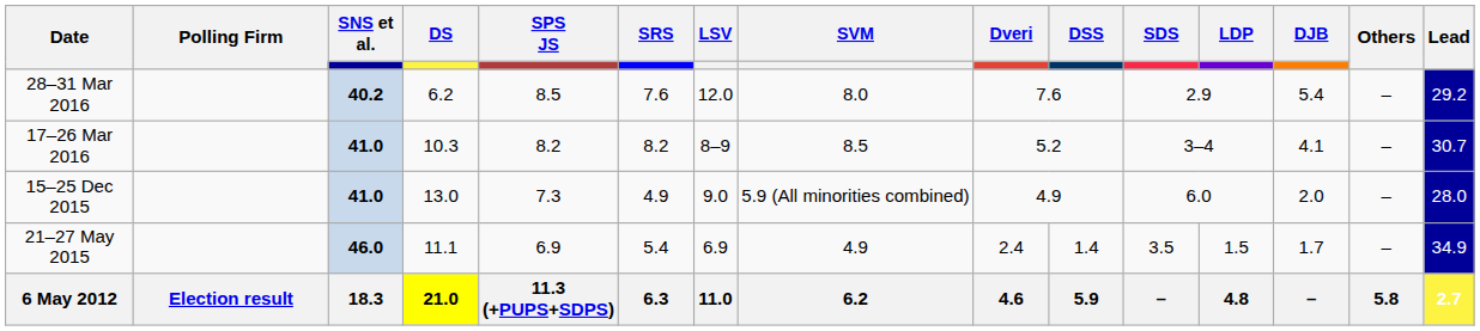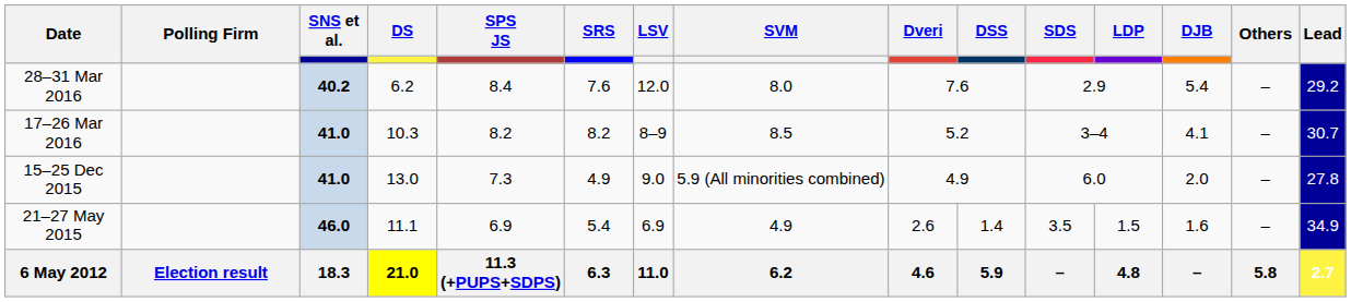 <table class="wikitable" style="text-align:center; font-size:85%; line-height:16px; margin-bottom:0">
 <tr style="height:42px; background:#e9e9e9;">
 <th rowspan="2" style="width:90px;">Date</th>
 <th rowspan="2" style="width:140px;">Polling Firm</th>
 <th style="font-size:95%"><a href='#'>SNS</a> et al.</th>
 <th style="font-size:95%"><a href='#'>DS</a></th>
 <th style="font-size:95%"><a href='#'>SPS</a><br><a href='#'>JS</a></th>
 <th style="font-size:95%"><a href='#'>SRS</a></th>
 <th style="font-size:95%"><a href='#'>LSV</a></th>
 <th style="font-size:95%"><a href='#'>SVM</a></th>
 <th style="font-size:95%"><a href='#'>Dveri</a></th>
 <th style="font-size:95%"><a href='#'>DSS</a></th>
 <th style="font-size:95%"><a href='#'>SDS</a></th>
 <th style="font-size:95%"><a href='#'>LDP</a></th>
 <th style="font-size:95%"><a href='#'>DJB</a></th>
 <th rowspan="2" style="width:50px;">Others</th>
 <th rowspan="2" style="width:30px;">Lead</th>
 </tr>
 <tr>
 <th style="background:#000099; width:50px;"></th>
 <th style="background:#FCF342; width:50px;"></th>
 <th style="background:#B03B3B; width:50px;"></th>
 <th style="background:#0000FF; width:50px;"></th>
 <th style="background:"></th>
 <th style="background:"></th>
 <th style="background:#E34234; width:50px;"></th>
 <th style="background:#003366; width:50px;"></th>
 <th style="background:#FC2847; width:50px;"></th>
 <th style="background:#6901D4; width:50px;"></th>
 <th style="background:#FF7E00; width:50px;"></th>
 </tr>
 <tr>
 <td>28–31 Mar 2016</td>
 <td></td>
 <td style="background:#C8D9EC"><strong>40.2</strong></td>
 <td>6.2</td>
-<td>8.5</td>
+<td>8.4</td>
 <td>7.6</td>
 <td>12.0</td>
 <td>8.0</td>
 <td colspan="2">7.6</td>
 <td colspan="2">2.9</td>
 <td>5.4</td>
 <td>–</td>
 <td style="background:#000099; color:white;">29.2</td>
 </tr>
 <tr>
 <td>17–26 Mar 2016</td>
 <td> </td>
 <td style="background:#C8D9EC"><strong>41.0</strong></td>
 <td>10.3</td>
 <td>8.2</td>
 <td>8.2</td>
 <td>8–9</td>
 <td>8.5</td>
 <td colspan="2">5.2</td>
 <td colspan="2">3–4</td>
 <td>4.1</td>
 <td>–</td>
 <td style="background:#000099; color:white;">30.7</td>
 </tr>
 <tr>
 <td>15–25 Dec 2015</td>
 <td></td>
 <td style="background:#C8D9EC"><strong>41.0</strong></td>
 <td>13.0</td>
 <td>7.3</td>
 <td>4.9</td>
 <td>9.0</td>
 <td>5.9 (All minorities combined)</td>
 <td colspan="2">4.9</td>
 <td colspan="2">6.0</td>
 <td>2.0</td>
 <td>–</td>
-<td style="background:#000099; color:white;">28.0</td>
+<td style="background:#000099; color:white;">27.8</td>
 </tr>
 <tr>
 <td>21–27 May 2015</td>
 <td> </td>
 <td style="background:#C8D9EC"><strong>46.0</strong></td>
 <td>11.1</td>
 <td>6.9</td>
 <td>5.4</td>
 <td>6.9</td>
 <td>4.9</td>
-<td>2.4</td>
+<td>2.6</td>
 <td>1.4</td>
 <td>3.5</td>
 <td>1.5</td>
-<td>1.7</td>
+<td>1.6</td>
 <td>–</td>
 <td style="background:#000099; color:white;">34.9</td>
 </tr>
 <tr>
 <th>6 May 2012</th>
 <th><a href='#'>Election result</a></th>
 <th>18.3</th>
 <th style="background:#FFFF00">21.0</th>
 <th>11.3 (+<a href='#'>PUPS</a>+<a href='#'>SDPS</a>)</th>
 <th>6.3</th>
 <th>11.0</th>
 <th>6.2</th>
 <th>4.6</th>
 <th>5.9</th>
 <th>–</th>
 <th>4.8</th>
 <th>–</th>
 <th>5.8</th>
 <th style="background:#FCF342; color:white;">2.7</th>
 </tr>
 </table>
